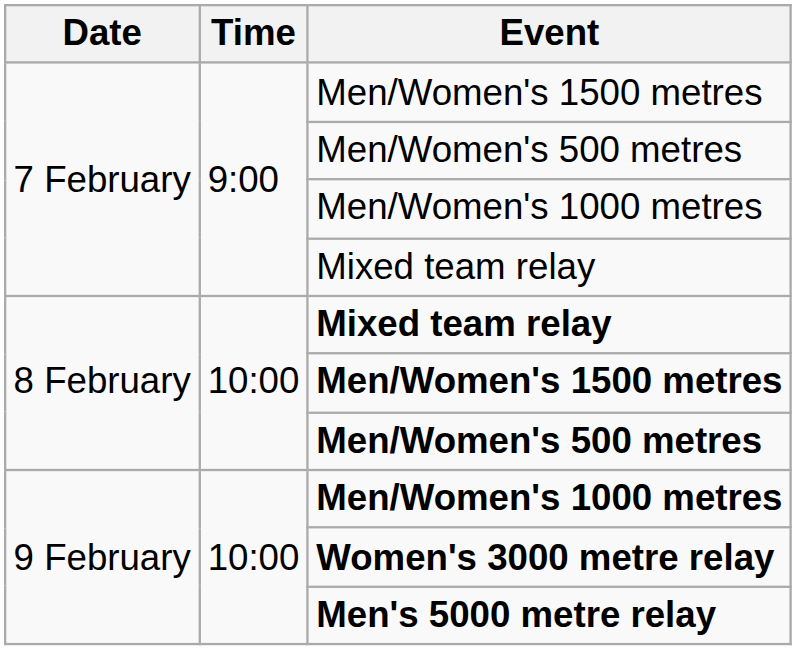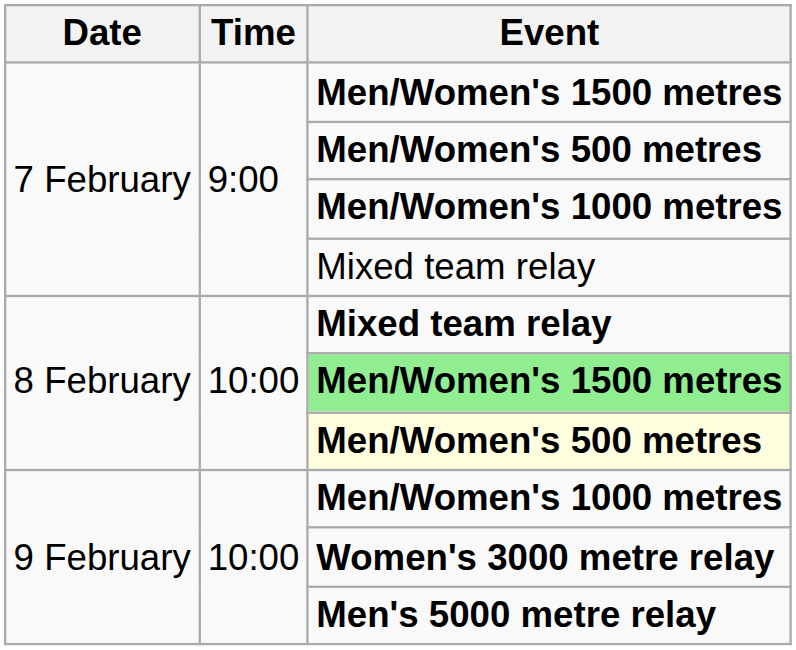 <table class=wikitable>
 <tr>
 <th>Date</th>
 <th>Time</th>
 <th>Event</th>
 </tr>
 <tr>
 <td rowspan="4">7 February</td>
 <td rowspan="4">9:00</td>
-<td>Men/Women's 1500 metres</td>
+<td><strong>Men/Women's 1500 metres</strong></td>
 </tr>
 <tr>
-<td>Men/Women's 500 metres</td>
+<td><strong>Men/Women's 500 metres</strong></td>
 </tr>
 <tr>
-<td>Men/Women's 1000 metres</td>
+<td><strong>Men/Women's 1000 metres</strong></td>
 </tr>
 <tr>
 <td>Mixed team relay</td>
 </tr>
 <tr>
 <td rowspan="3">8 February</td>
 <td rowspan="3">10:00</td>
 <td><strong>Mixed team relay</strong></td>
 </tr>
 <tr>
-<td><strong>Men/Women's 1500 metres</strong></td>
+<td style="background: lightgreen;"><strong>Men/Women's 1500 metres</strong></td>
 </tr>
 <tr>
-<td><strong>Men/Women's 500 metres</strong></td>
+<td style="background: lightyellow;"><strong>Men/Women's 500 metres</strong></td>
 </tr>
 <tr>
 <td rowspan="3">9 February</td>
 <td rowspan="3">10:00</td>
 <td><strong>Men/Women's 1000 metres</strong></td>
 </tr>
 <tr>
 <td><strong>Women's 3000 metre relay</strong></td>
 </tr>
 <tr>
 <td><strong>Men's 5000 metre relay</strong></td>
 </tr>
 </table>
